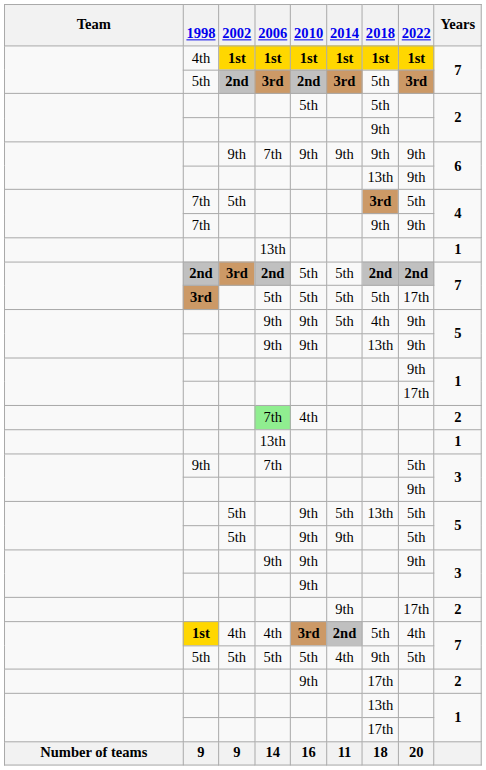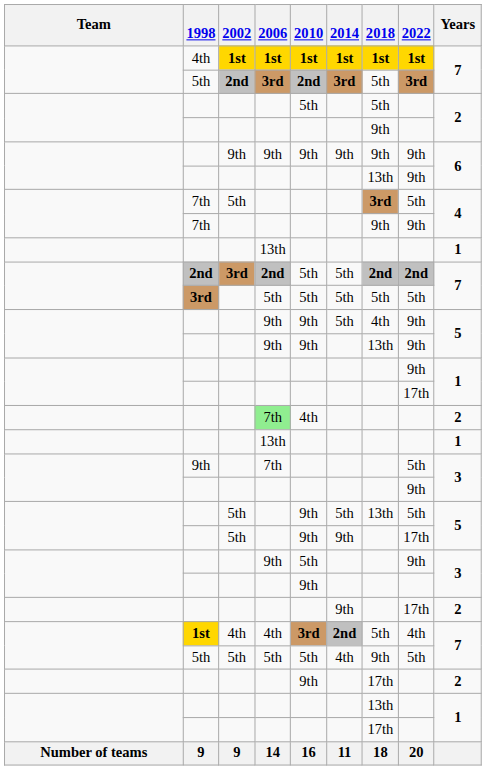 <table class="wikitable" style="text-align:center; font-size:90%">
 <tr>
 <th width=170>Team</th>
 <th width=25><br><a href='#'>1998</a></th>
 <th width=25><br><a href='#'>2002</a></th>
 <th width=25><br><a href='#'>2006</a></th>
 <th width=25><br><a href='#'>2010</a></th>
 <th width=25><br><a href='#'>2014</a></th>
 <th width=25><br><a href='#'>2018</a></th>
 <th width=25><br><a href='#'>2022</a></th>
 <th width=40>Years</th>
 </tr>
 <tr>
 <td rowspan=2 align=left></td>
 <td>4th</td>
 <td bgcolor=gold><strong>1st</strong></td>
 <td bgcolor=gold><strong>1st</strong></td>
 <td bgcolor=gold><strong>1st</strong></td>
 <td bgcolor=gold><strong>1st</strong></td>
 <td bgcolor=gold><strong>1st</strong></td>
 <td bgcolor=gold><strong>1st</strong></td>
 <td rowspan=2><strong>7</strong></td>
 </tr>
 <tr>
 <td>5th</td>
 <td bgcolor=silver><strong>2nd</strong></td>
 <td bgcolor=cc9966><strong>3rd</strong></td>
 <td bgcolor=silver><strong>2nd</strong></td>
 <td bgcolor=cc9966><strong>3rd</strong></td>
 <td>5th</td>
 <td bgcolor=cc9966><strong>3rd</strong></td>
 </tr>
 <tr>
 <td rowspan=2 align=left></td>
 <td></td>
 <td></td>
 <td></td>
 <td>5th</td>
 <td></td>
 <td>5th</td>
 <td></td>
 <td rowspan=2><strong>2</strong></td>
 </tr>
 <tr>
 <td></td>
 <td></td>
 <td></td>
 <td></td>
 <td></td>
 <td>9th</td>
 <td></td>
 </tr>
 <tr>
 <td rowspan=2 align=left></td>
 <td></td>
 <td>9th</td>
-<td>7th</td>
+<td>9th</td>
 <td>9th</td>
 <td>9th</td>
 <td>9th</td>
 <td>9th</td>
 <td rowspan=2><strong>6</strong></td>
 </tr>
 <tr>
 <td></td>
 <td></td>
 <td></td>
 <td></td>
 <td></td>
 <td>13th</td>
 <td>9th</td>
 </tr>
 <tr>
 <td rowspan=2 align=left></td>
 <td>7th</td>
 <td>5th</td>
 <td></td>
 <td></td>
 <td></td>
 <td bgcolor=cc9966><strong>3rd</strong></td>
 <td>5th</td>
 <td rowspan=2><strong>4</strong></td>
 </tr>
 <tr>
 <td>7th</td>
 <td></td>
 <td></td>
 <td></td>
 <td></td>
 <td>9th</td>
 <td>9th</td>
 </tr>
 <tr>
 <td align=left></td>
 <td></td>
 <td></td>
 <td>13th</td>
 <td></td>
 <td></td>
 <td></td>
 <td></td>
 <td><strong>1</strong></td>
 </tr>
 <tr>
 <td rowspan=2 align=left></td>
 <td bgcolor=silver><strong>2nd</strong></td>
 <td bgcolor=cc9966><strong>3rd</strong></td>
 <td bgcolor=silver><strong>2nd</strong></td>
 <td>5th</td>
 <td>5th</td>
 <td bgcolor=silver><strong>2nd</strong></td>
 <td bgcolor=silver><strong>2nd</strong></td>
 <td rowspan=2><strong>7</strong></td>
 </tr>
 <tr>
 <td bgcolor=cc9966><strong>3rd</strong></td>
 <td></td>
 <td>5th</td>
 <td>5th</td>
 <td>5th</td>
 <td>5th</td>
-<td>17th</td>
+<td>5th</td>
 </tr>
 <tr>
 <td rowspan=2 align=left></td>
 <td></td>
 <td></td>
 <td>9th</td>
 <td>9th</td>
 <td>5th</td>
 <td>4th</td>
 <td>9th</td>
 <td rowspan=2><strong>5</strong></td>
 </tr>
 <tr>
 <td></td>
 <td></td>
 <td>9th</td>
 <td>9th</td>
 <td></td>
 <td>13th</td>
 <td>9th</td>
 </tr>
 <tr>
 <td rowspan=2 align=left></td>
 <td></td>
 <td></td>
 <td></td>
 <td></td>
 <td></td>
 <td></td>
 <td>9th</td>
 <td rowspan=2><strong>1</strong></td>
 </tr>
 <tr>
 <td></td>
 <td></td>
 <td></td>
 <td></td>
 <td></td>
 <td></td>
 <td>17th</td>
 </tr>
 <tr>
 <td align=left></td>
 <td></td>
 <td></td>
 <td style="background: lightgreen;">7th</td>
 <td>4th</td>
 <td></td>
 <td></td>
 <td></td>
 <td><strong>2</strong></td>
 </tr>
 <tr>
 <td align=left></td>
 <td></td>
 <td></td>
 <td>13th</td>
 <td></td>
 <td></td>
 <td></td>
 <td></td>
 <td><strong>1</strong></td>
 </tr>
 <tr>
 <td rowspan=2 align=left></td>
 <td>9th</td>
 <td></td>
 <td>7th</td>
 <td></td>
 <td></td>
 <td></td>
 <td>5th</td>
 <td rowspan=2><strong>3</strong></td>
 </tr>
 <tr>
 <td></td>
 <td></td>
 <td></td>
 <td></td>
 <td></td>
 <td></td>
 <td>9th</td>
 </tr>
 <tr>
 <td rowspan=2 align=left></td>
 <td></td>
 <td>5th</td>
 <td></td>
 <td>9th</td>
 <td>5th</td>
 <td>13th</td>
 <td>5th</td>
 <td rowspan=2><strong>5</strong></td>
 </tr>
 <tr>
 <td></td>
 <td>5th</td>
 <td></td>
 <td>9th</td>
 <td>9th</td>
 <td></td>
-<td>5th</td>
+<td>17th</td>
 </tr>
 <tr>
 <td rowspan=2 align=left></td>
 <td></td>
 <td></td>
 <td>9th</td>
-<td>9th</td>
+<td>5th</td>
 <td></td>
 <td></td>
 <td>9th</td>
 <td rowspan=2><strong>3</strong></td>
 </tr>
 <tr>
 <td></td>
 <td></td>
 <td></td>
 <td>9th</td>
 <td></td>
 <td></td>
 <td></td>
 </tr>
 <tr>
 <td align=left></td>
 <td></td>
 <td></td>
 <td></td>
 <td></td>
 <td>9th</td>
 <td></td>
 <td>17th</td>
 <td><strong>2</strong></td>
 </tr>
 <tr>
 <td rowspan=2 align=left></td>
 <td bgcolor=gold><strong>1st</strong></td>
 <td>4th</td>
 <td>4th</td>
 <td bgcolor=cc9966><strong>3rd</strong></td>
 <td bgcolor=silver><strong>2nd</strong></td>
 <td>5th</td>
 <td>4th</td>
 <td rowspan=2><strong>7</strong></td>
 </tr>
 <tr>
 <td>5th</td>
 <td>5th</td>
 <td>5th</td>
 <td>5th</td>
 <td>4th</td>
 <td>9th</td>
 <td>5th</td>
 </tr>
 <tr>
 <td align=left></td>
 <td></td>
 <td></td>
 <td></td>
 <td>9th</td>
 <td></td>
 <td>17th</td>
 <td></td>
 <td><strong>2</strong></td>
 </tr>
 <tr>
 <td rowspan=2 align=left></td>
 <td></td>
 <td></td>
 <td></td>
 <td></td>
 <td></td>
 <td>13th</td>
 <td></td>
 <td rowspan=2><strong>1</strong></td>
 </tr>
 <tr>
 <td></td>
 <td></td>
 <td></td>
 <td></td>
 <td></td>
 <td>17th</td>
 </tr>
 <tr>
 <th>Number of teams</th>
 <th>9</th>
 <th>9</th>
 <th>14</th>
 <th>16</th>
 <th>11</th>
 <th>18</th>
 <th>20</th>
 <th></th>
 </tr>
 </table>
